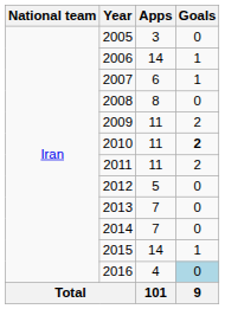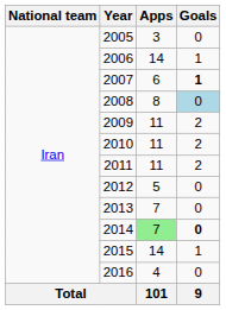 <table class="wikitable" style="text-align:center">
 <tr>
 <th>National team</th>
 <th>Year</th>
 <th>Apps</th>
 <th>Goals</th>
 </tr>
 <tr>
 <td rowspan="12"><a href='#'>Iran</a></td>
 <td>2005</td>
 <td>3</td>
 <td>0</td>
 </tr>
 <tr>
 <td>2006</td>
 <td>14</td>
 <td>1</td>
 </tr>
 <tr>
 <td>2007</td>
 <td>6</td>
-<td>1</td>
+<td><strong>1</strong></td>
 </tr>
 <tr>
 <td>2008</td>
 <td>8</td>
-<td>0</td>
+<td style="background: lightblue;">0</td>
 </tr>
 <tr>
 <td>2009</td>
 <td>11</td>
 <td>2</td>
 </tr>
 <tr>
 <td>2010</td>
 <td>11</td>
-<td><strong>2</strong></td>
+<td>2</td>
 </tr>
 <tr>
 <td>2011</td>
 <td>11</td>
 <td>2</td>
 </tr>
 <tr>
 <td>2012</td>
 <td>5</td>
 <td>0</td>
 </tr>
 <tr>
 <td>2013</td>
 <td>7</td>
 <td>0</td>
 </tr>
 <tr>
 <td>2014</td>
-<td>7</td>
-<td>0</td>
+<td style="background: lightgreen;">7</td>
+<td><strong>0</strong></td>
 </tr>
 <tr>
 <td>2015</td>
 <td>14</td>
 <td>1</td>
 </tr>
 <tr>
 <td>2016</td>
 <td>4</td>
-<td style="background: lightblue;">0</td>
+<td>0</td>
 </tr>
 <tr>
 <th colspan="2">Total</th>
 <th>101</th>
 <th>9</th>
 </tr>
 </table>
